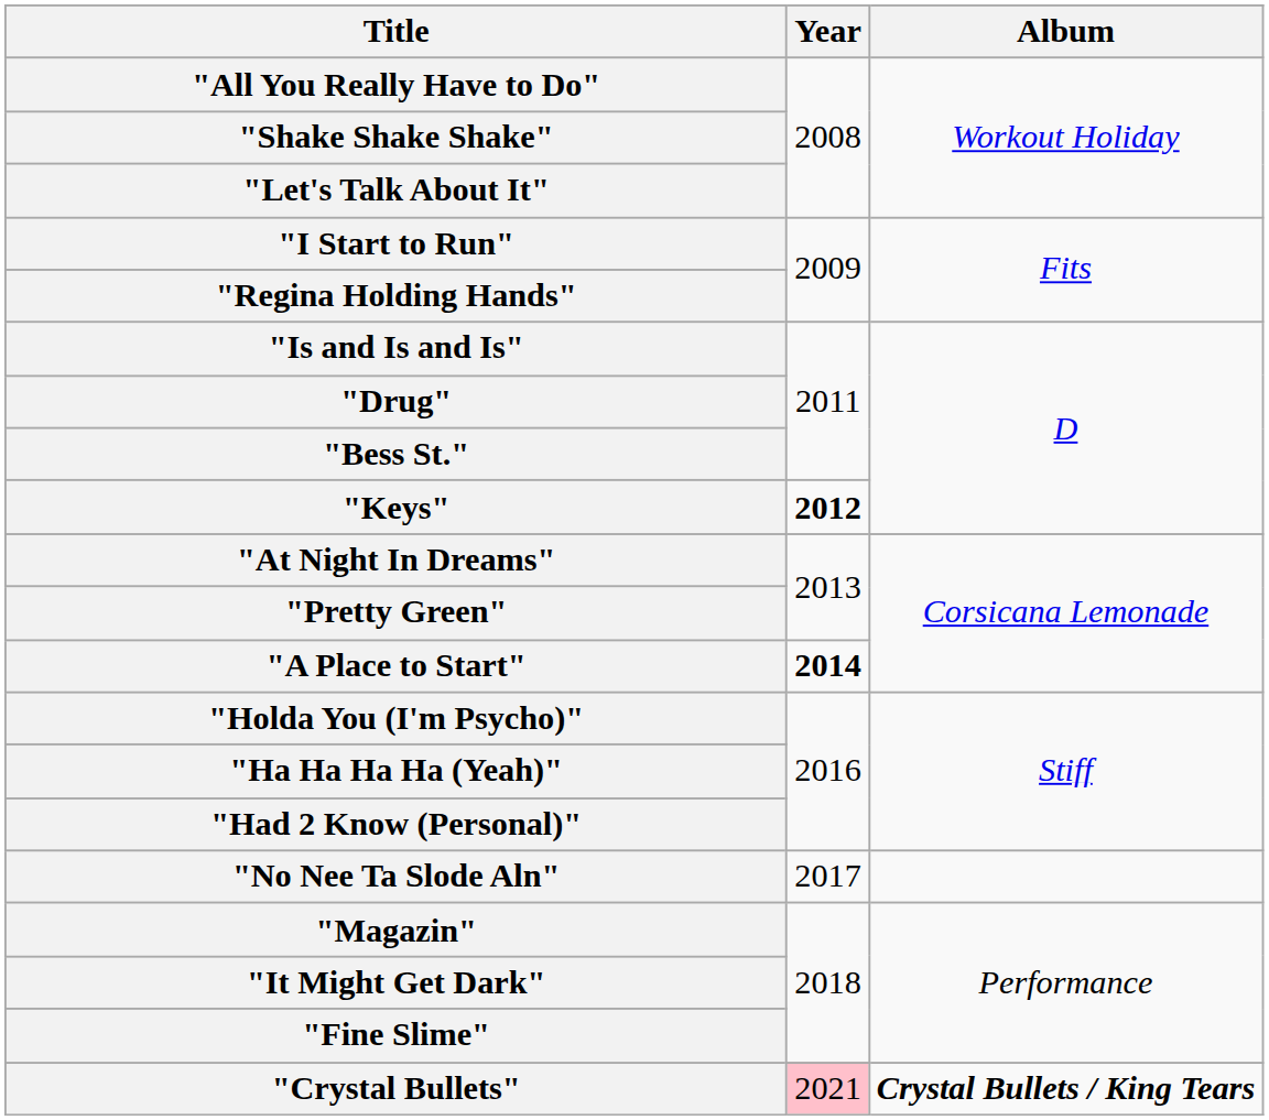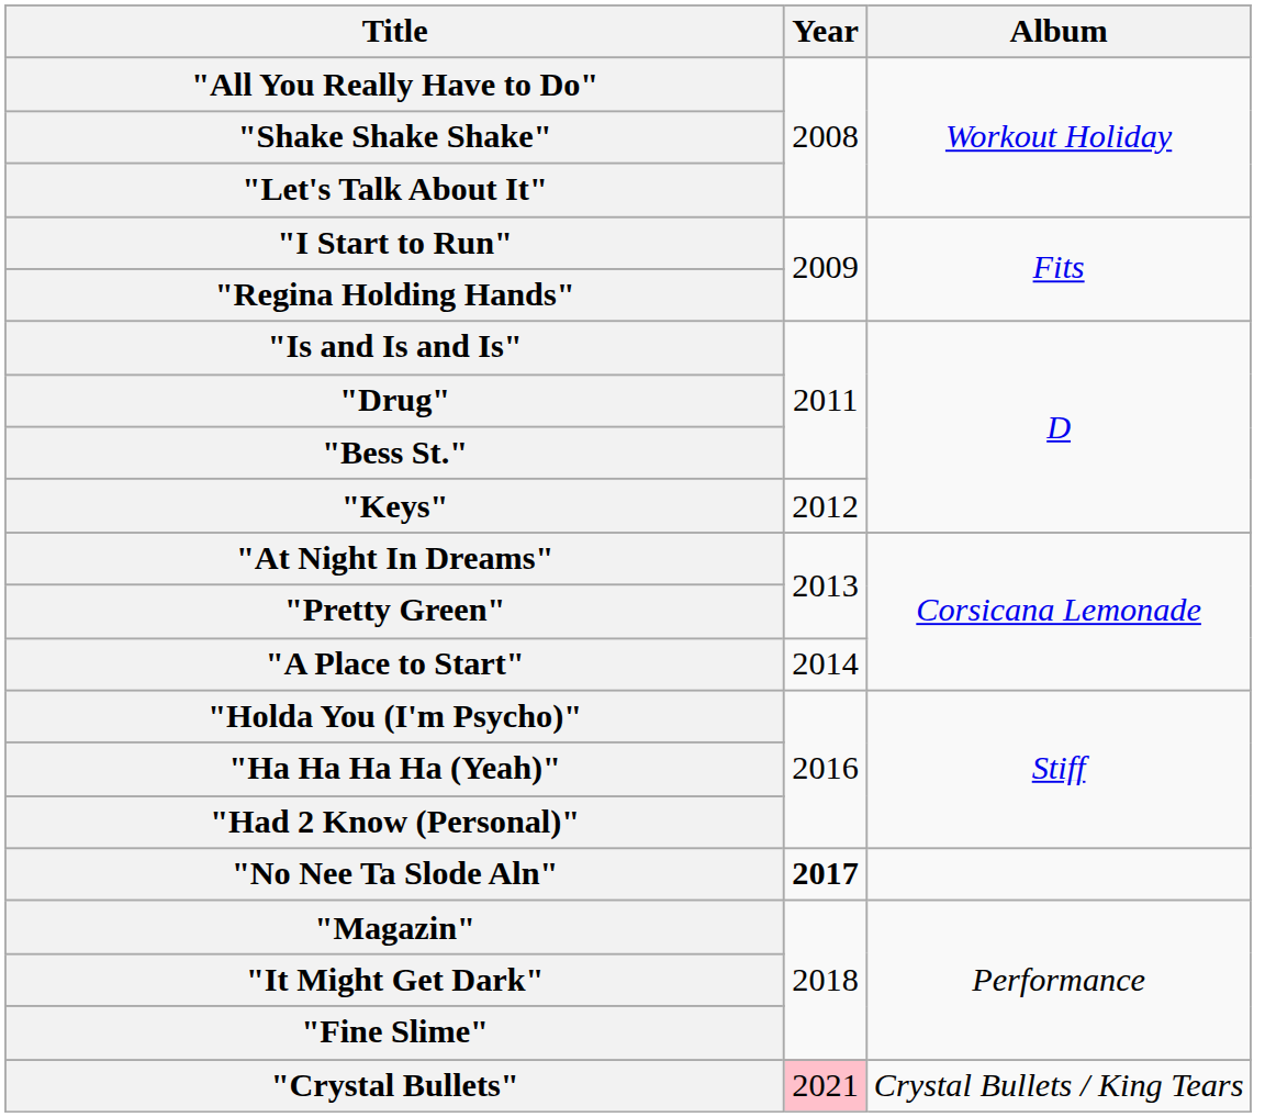 <table class="wikitable plainrowheaders" style="text-align:center;" border="1">
 <tr>
 <th scope="col" rowspan="1" style="width:23em;">Title</th>
 <th scope="col" rowspan="1">Year</th>
 <th scope="col" rowspan="1">Album</th>
 </tr>
 <tr>
 <th scope="row">"All You Really Have to Do"</th>
 <td rowspan="3">2008</td>
 <td rowspan="3"><em><a href='#'>Workout Holiday</a></em></td>
 </tr>
 <tr>
 <th scope="row">"Shake Shake Shake"</th>
 </tr>
 <tr>
 <th scope="row">"Let's Talk About It"</th>
 </tr>
 <tr>
 <th scope="row">"I Start to Run"</th>
 <td rowspan="2">2009</td>
 <td rowspan="2"><em><a href='#'>Fits</a></em></td>
 </tr>
 <tr>
 <th scope="row">"Regina Holding Hands"</th>
 </tr>
 <tr>
 <th scope="row">"Is and Is and Is"</th>
 <td rowspan="3">2011</td>
 <td rowspan="4"><em><a href='#'>D</a></em></td>
 </tr>
 <tr>
 <th scope="row">"Drug"</th>
 </tr>
 <tr>
 <th scope="row">"Bess St."</th>
 </tr>
 <tr>
 <th scope="row">"Keys"</th>
-<td><strong>2012</strong></td>
+<td>2012</td>
 </tr>
 <tr>
 <th scope="row">"At Night In Dreams"</th>
 <td rowspan="2">2013</td>
 <td rowspan="3"><em><a href='#'>Corsicana Lemonade</a></em></td>
 </tr>
 <tr>
 <th scope="row">"Pretty Green"</th>
 </tr>
 <tr>
 <th scope="row">"A Place to Start"</th>
-<td><strong>2014</strong></td>
+<td>2014</td>
 </tr>
 <tr>
 <th scope="row">"Holda You (I'm Psycho)"</th>
 <td rowspan="3">2016</td>
 <td rowspan="3"><em><a href='#'>Stiff</a></em></td>
 </tr>
 <tr>
 <th scope="row">"Ha Ha Ha Ha (Yeah)"</th>
 </tr>
 <tr>
 <th scope="row">"Had 2 Know (Personal)"</th>
 </tr>
 <tr>
 <th scope="row">"No Nee Ta Slode Aln"</th>
-<td>2017</td>
+<td><strong>2017</strong></td>
 <td></td>
 </tr>
 <tr>
 <th scope="row">"Magazin"</th>
 <td rowspan="3">2018</td>
 <td rowspan="3"><em>Performance</em></td>
 </tr>
 <tr>
 <th scope="row">"It Might Get Dark"</th>
 </tr>
 <tr>
 <th scope="row">"Fine Slime"</th>
 </tr>
 <tr>
 <th scope="row">"Crystal Bullets"</th>
 <td style="background: pink;">2021</td>
-<td><strong><em>Crystal Bullets / King Tears</em></strong></td>
+<td><em>Crystal Bullets / King Tears</em></td>
 </tr>
 </table>
